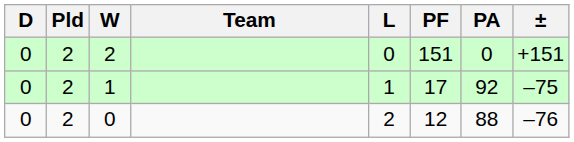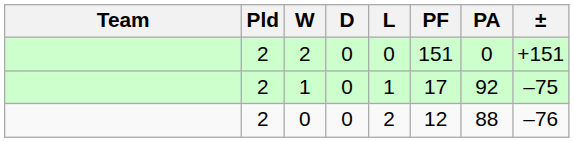 <table class="wikitable" style="text-align:center;">
 <tr>
-<th width=25 abbr="Drawn">D</th>
+<th width=175>Team</th>
 <th width=25 abbr="Played">Pld</th>
 <th width=25 abbr="Won">W</th>
-<th width=175>Team</th>
+<th width=25 abbr="Drawn">D</th>
 <th width=25 abbr="Lost">L</th>
 <th width=32 abbr="Points for">PF</th>
 <th width=32 abbr="Points against">PA</th>
 <th width=32 abbr="Points difference">±</th>
 </tr>
 <tr bgcolor=ccffcc>
-<td>0</td>
+<td align=left></td>
 <td>2</td>
 <td>2</td>
-<td align=left></td>
+<td>0</td>
 <td>0</td>
 <td>151</td>
 <td>0</td>
 <td>+151</td>
 </tr>
 <tr bgcolor=ccffcc>
-<td>0</td>
+<td align=left></td>
 <td>2</td>
 <td>1</td>
-<td align=left></td>
+<td>0</td>
 <td>1</td>
 <td>17</td>
 <td>92</td>
 <td>–75</td>
 </tr>
 <tr>
-<td>0</td>
+<td align=left></td>
 <td>2</td>
 <td>0</td>
-<td align=left></td>
+<td>0</td>
 <td>2</td>
 <td>12</td>
 <td>88</td>
 <td>–76</td>
 </tr>
 </table>
